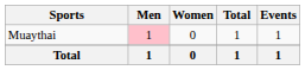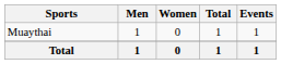 <table class="wikitable sortable" style="text-align:center;">
 <tr>
 <th width=150>Sports</th>
 <th width=45>Men</th>
 <th width=45>Women</th>
 <th width=45>Total</th>
 <th width=45>Events</th>
 </tr>
 <tr>
 <td align=left>Muaythai</td>
-<td style="background: pink;">1</td>
+<td>1</td>
 <td>0</td>
 <td>1</td>
 <td>1</td>
 </tr>
 <tr>
 </tr>
 <tr class="sortbottom">
 <th>Total</th>
 <th>1</th>
 <th>0</th>
 <th>1</th>
 <th>1</th>
 </tr>
 </table>
